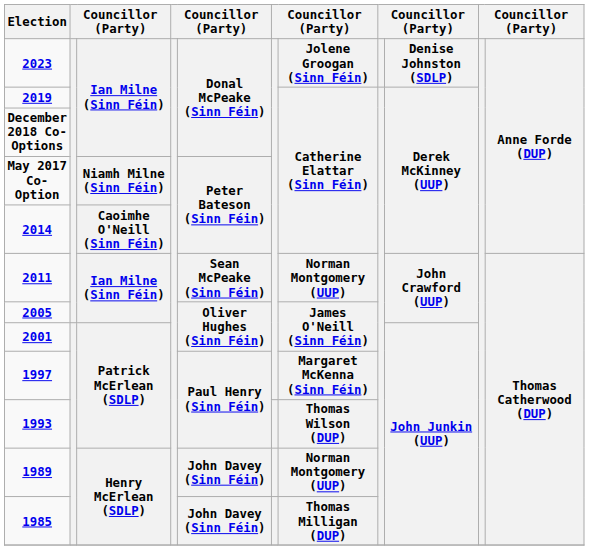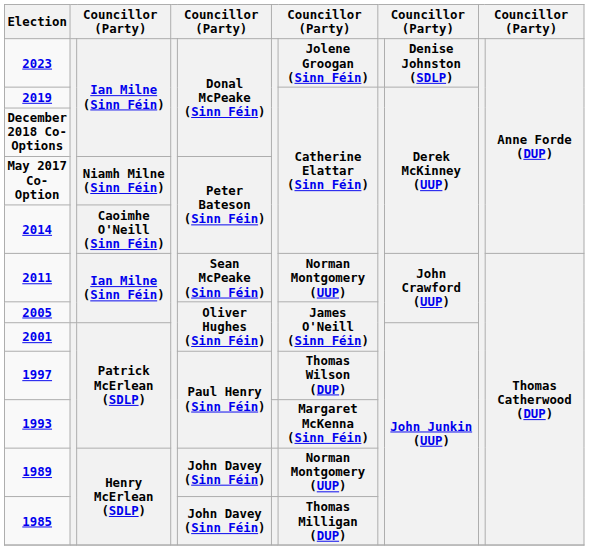 <table class="wikitable" style="text-align:center">
 <tr>
 <th scope="col" width="50">Election</th>
 <th scope="col" width="150" colspan = "2">Councillor<br> (Party)</th>
 <th scope="col" width="150" colspan = "2">Councillor<br> (Party)</th>
 <th scope="col" width="150" colspan = "2">Councillor<br> (Party)</th>
 <th scope="col" width="150" colspan = "2">Councillor<br> (Party)</th>
 <th scope="col" width="150" colspan = "2">Councillor<br> (Party)</th>
 </tr>
 <tr>
 <td><strong><a href='#'>2023</a></strong></td>
 <th rowspan="7" width="1" style="background-color: "></th>
 <th rowspan = "3"><a href='#'>Ian Milne</a> <br> (<a href='#'>Sinn Féin</a>)</th>
 <th rowspan="12" width="1" style="background-color: "></th>
 <th rowspan = "3">Donal McPeake <br> (<a href='#'>Sinn Féin</a>)</th>
 <th rowspan="9" width="1" style="background-color: "></th>
 <th rowspan = "1">Jolene Groogan <br> (<a href='#'>Sinn Féin</a>)</th>
 <th rowspan="1" width="1" style="background-color: "></th>
 <th rowspan = "1">Denise Johnston <br> (<a href='#'>SDLP</a>)</th>
 <th rowspan="12" width="1" style="background-color: "></th>
 <th rowspan = "5">Anne Forde <br> (<a href='#'>DUP</a>)</th>
 </tr>
 <tr>
 <td><strong><a href='#'>2019</a></strong></td>
 <th rowspan = "4">Catherine Elattar <br> (<a href='#'>Sinn Féin</a>)</th>
 <th rowspan="11" width="1" style="background-color: "></th>
 <th rowspan = "4">Derek McKinney <br> (<a href='#'>UUP</a>)</th>
 </tr>
 <tr>
 <td><strong>December 2018 Co-Options</strong></td>
 </tr>
 <tr>
 <td><strong>May 2017 Co-Option</strong></td>
 <th rowspan = "1">Niamh Milne <br> (<a href='#'>Sinn Féin</a>)</th>
 <th rowspan = "2">Peter Bateson <br> (<a href='#'>Sinn Féin</a>)</th>
 </tr>
 <tr>
 <td><strong><a href='#'>2014</a></strong></td>
 <th rowspan = "1">Caoimhe O'Neill <br> (<a href='#'>Sinn Féin</a>)</th>
 </tr>
 <tr>
 <td><strong><a href='#'>2011</a></strong></td>
 <th rowspan = "2"><a href='#'>Ian Milne</a> <br> (<a href='#'>Sinn Féin</a>)</th>
 <th rowspan = "1">Sean McPeake <br> (<a href='#'>Sinn Féin</a>)</th>
 <th rowspan = "1">Norman Montgomery <br> (<a href='#'>UUP</a>)</th>
 <th rowspan = "2">John Crawford <br> (<a href='#'>UUP</a>)</th>
 <th rowspan = "7">Thomas Catherwood <br> (<a href='#'>DUP</a>)</th>
 </tr>
 <tr>
 <td><strong><a href='#'>2005</a></strong></td>
 <th rowspan = "2">Oliver Hughes <br> (<a href='#'>Sinn Féin</a>)</th>
 <th rowspan = "2">James O'Neill <br> (<a href='#'>Sinn Féin</a>)</th>
 </tr>
 <tr>
 <td><strong><a href='#'>2001</a></strong></td>
 <th rowspan="5" width="1" style="background-color: "></th>
 <th rowspan = "3">Patrick McErlean <br> (<a href='#'>SDLP</a>)</th>
 <th rowspan = "5"><a href='#'>John Junkin</a> <br> (<a href='#'>UUP</a>)</th>
 </tr>
 <tr>
 <td><strong><a href='#'>1997</a></strong></td>
 <th rowspan = "2">Paul Henry <br> (<a href='#'>Sinn Féin</a>)</th>
-<th rowspan = "1">Margaret McKenna <br> (<a href='#'>Sinn Féin</a>)</th>
+<th rowspan = "1">Thomas Wilson <br> (<a href='#'>DUP</a>)</th>
 </tr>
 <tr>
 <td><strong><a href='#'>1993</a></strong></td>
 <th rowspan="1" width="1" style="background-color: "></th>
-<th rowspan = "1">Thomas Wilson <br> (<a href='#'>DUP</a>)</th>
+<th rowspan = "1">Margaret McKenna <br> (<a href='#'>Sinn Féin</a>)</th>
 </tr>
 <tr>
 <td><strong><a href='#'>1989</a></strong></td>
 <th rowspan = "2">Henry McErlean <br> (<a href='#'>SDLP</a>)</th>
 <th rowspan = "1">John Davey <br> (<a href='#'>Sinn Féin</a>)</th>
 <th rowspan="1" width="1" style="background-color: "></th>
 <th rowspan = "1">Norman Montgomery <br> (<a href='#'>UUP</a>)</th>
 </tr>
 <tr>
 <td><strong><a href='#'>1985</a></strong></td>
 <th rowspan = "1">John Davey <br> (<a href='#'>Sinn Féin</a>)</th>
 <th rowspan="1" width="1" style="background-color: "></th>
 <th rowspan = "1">Thomas Milligan <br> (<a href='#'>DUP</a>)</th>
 </tr>
 <tr>
 </tr>
 </table>
